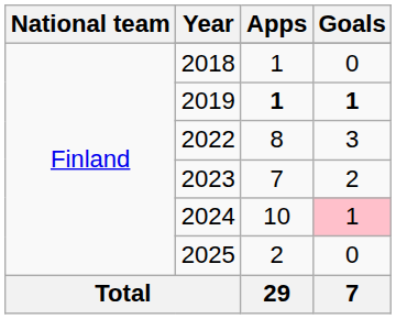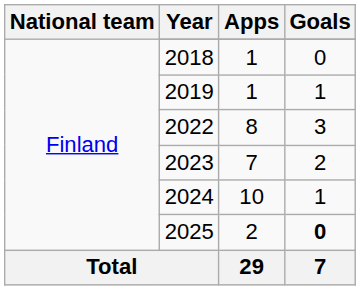 <table class="wikitable" style="text-align:center">
 <tr>
 <th>National team</th>
 <th>Year</th>
 <th>Apps</th>
 <th>Goals</th>
 </tr>
 <tr>
 <td rowspan=7><a href='#'>Finland</a></td>
 </tr>
 <tr>
 <td>2018</td>
 <td>1</td>
 <td>0</td>
 </tr>
 <tr>
 <td>2019</td>
-<td><strong>1</strong></td>
-<td><strong>1</strong></td>
+<td>1</td>
+<td>1</td>
 </tr>
 <tr>
 <td>2022</td>
 <td>8</td>
 <td>3</td>
 </tr>
 <tr>
 <td>2023</td>
 <td>7</td>
 <td>2</td>
 </tr>
 <tr>
 <td>2024</td>
 <td>10</td>
-<td style="background: pink;">1</td>
+<td>1</td>
 </tr>
 <tr>
 <td>2025</td>
 <td>2</td>
-<td>0</td>
+<td><strong>0</strong></td>
 </tr>
 <tr>
 <th colspan="2">Total</th>
 <th>29</th>
 <th>7</th>
 </tr>
 </table>
